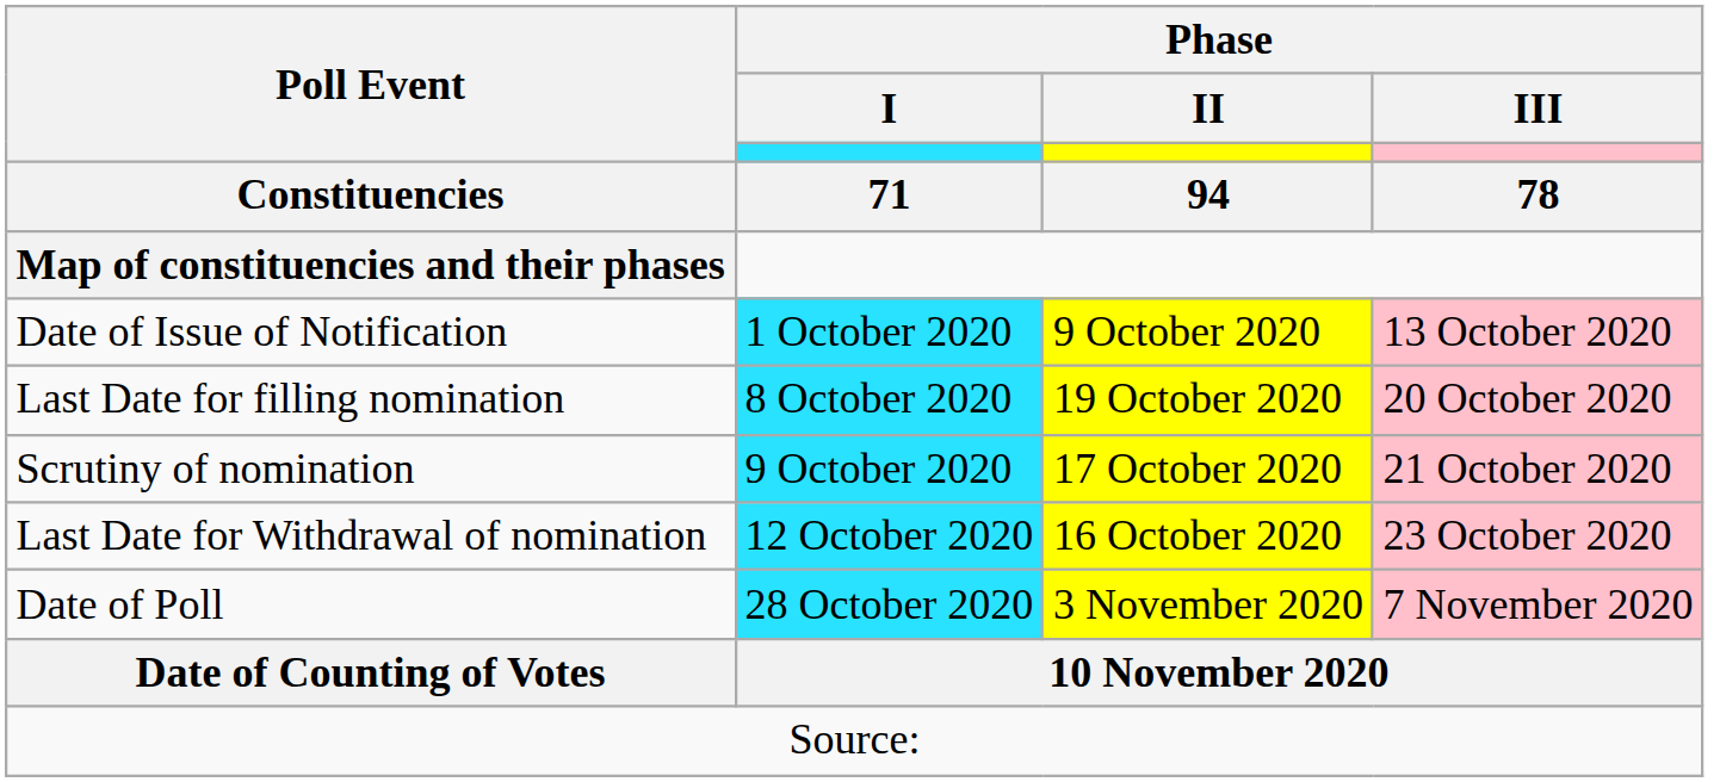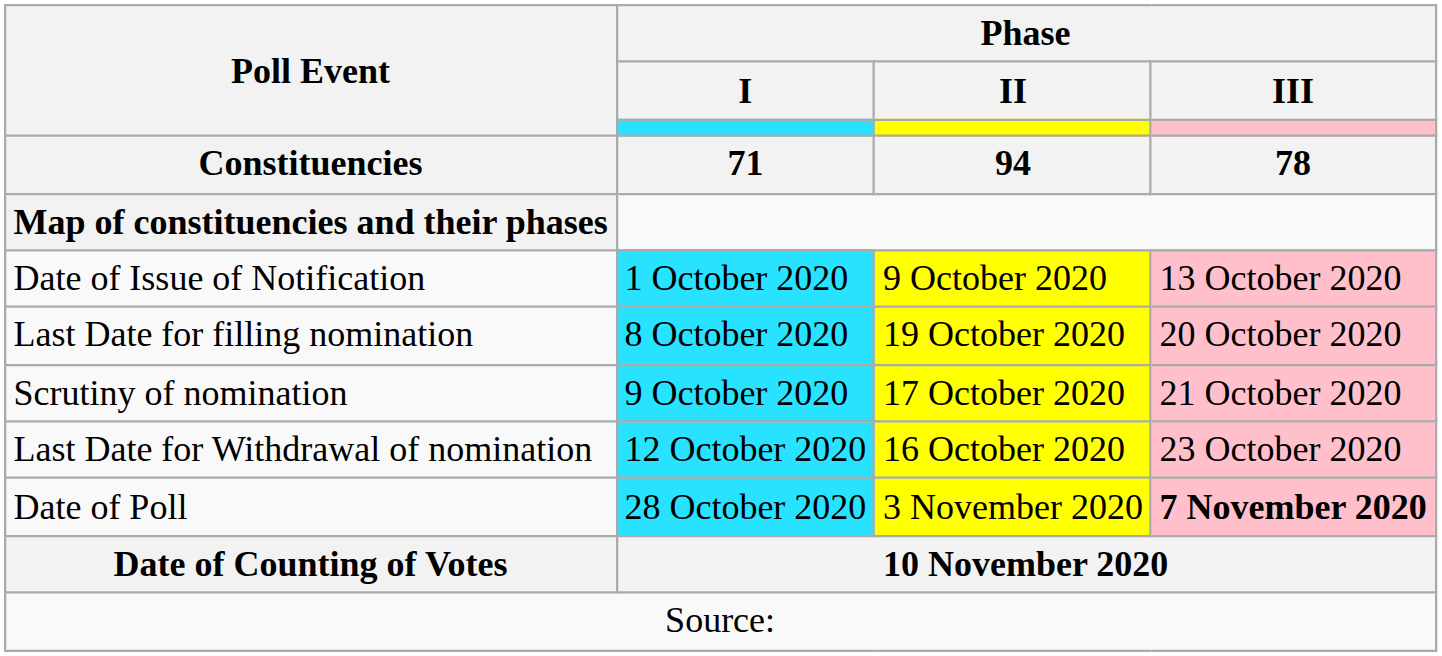 <table class="wikitable">
 <tr>
 <th Rowspan=3>Poll Event</th>
 <th Colspan=3>Phase</th>
 </tr>
 <tr>
 <th>I</th>
 <th>II</th>
 <th>III</th>
 </tr>
 <tr>
 <td bgcolor=#28E2FF></td>
 <td bgcolor=yellow></td>
 <td bgcolor=pink></td>
 </tr>
 <tr>
 <th>Constituencies</th>
 <th>71</th>
 <th>94</th>
 <th>78</th>
 </tr>
 <tr>
 <th>Map of constituencies and their phases</th>
 <td colspan ="3"></td>
 </tr>
 <tr>
 <td>Date of Issue of Notification</td>
 <td bgcolor=#28E2FF>1 October 2020</td>
 <td bgcolor=yellow>9 October 2020</td>
 <td bgcolor=pink>13 October 2020</td>
 </tr>
 <tr>
 <td>Last Date for filling nomination</td>
 <td bgcolor=#28E2FF>8 October 2020</td>
 <td bgcolor=yellow>19 October 2020</td>
 <td bgcolor=pink>20 October 2020</td>
 </tr>
 <tr>
 <td>Scrutiny of nomination</td>
 <td bgcolor=#28E2FF>9 October 2020</td>
 <td bgcolor=yellow>17 October 2020</td>
 <td bgcolor=pink>21 October 2020</td>
 </tr>
 <tr>
 <td>Last Date for Withdrawal of nomination</td>
 <td bgcolor=#28E2FF>12 October 2020</td>
 <td bgcolor=yellow>16 October 2020</td>
 <td bgcolor=pink>23 October 2020</td>
 </tr>
 <tr>
 <td>Date of Poll</td>
 <td bgcolor=#28E2FF>28 October 2020</td>
 <td bgcolor=yellow>3 November 2020</td>
-<td bgcolor=pink>7 November 2020</td>
+<td bgcolor=pink><strong>7 November 2020</strong></td>
 </tr>
 <tr>
 <th>Date of Counting of Votes</th>
 <th align=center Colspan=3><strong>10 November 2020</strong></th>
 </tr>
 <tr style="text-align:center">
 <td colspan="5">Source: </td>
 </tr>
 </table>
